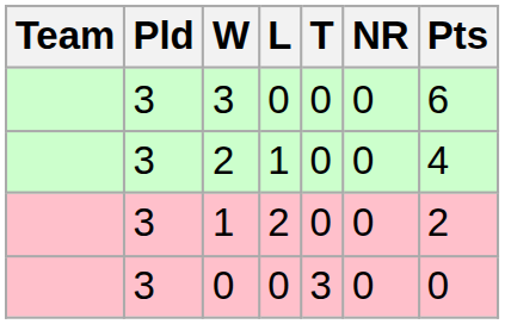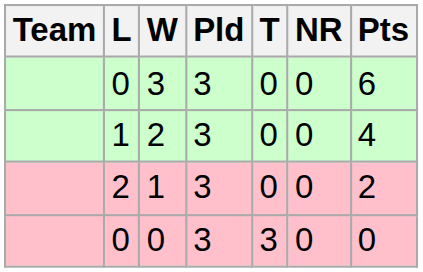 <table class="wikitable">
 <tr>
 <th>Team</th>
+<th>L</th>
+<th>W</th>
 <th>Pld</th>
-<th>W</th>
-<th>L</th>
 <th>T</th>
 <th>NR</th>
 <th>Pts</th>
 </tr>
 <tr style="background:#cfc;">
 <td></td>
+<td>0</td>
 <td>3</td>
 <td>3</td>
-<td>0</td>
 <td>0</td>
 <td>0</td>
 <td>6</td>
 </tr>
 <tr style="background:#cfc;">
 <td></td>
+<td>1</td>
+<td>2</td>
 <td>3</td>
-<td>2</td>
-<td>1</td>
 <td>0</td>
 <td>0</td>
 <td>4</td>
 </tr>
 <tr style="background:pink;">
 <td></td>
+<td>2</td>
+<td>1</td>
 <td>3</td>
-<td>1</td>
-<td>2</td>
 <td>0</td>
 <td>0</td>
 <td>2</td>
 </tr>
 <tr style="background:pink;">
 <td></td>
-<td>3</td>
 <td>0</td>
 <td>0</td>
+<td>3</td>
 <td>3</td>
 <td>0</td>
 <td>0</td>
 </tr>
 </table>
